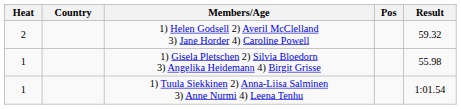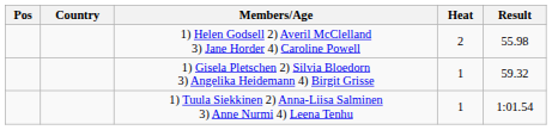 <table class="wikitable"  style="text-align:center; width:80%;">
 <tr>
-<th>Heat</th>
+<th>Pos</th>
 <th>Country</th>
 <th>Members/Age</th>
-<th>Pos</th>
+<th>Heat</th>
 <th>Result</th>
 </tr>
 <tr>
-<td>2</td>
+<td align=center></td>
 <td align=left></td>
 <td>1) <a href='#'>Helen Godsell</a> 2) <a href='#'>Averil McClelland</a><br>3) <a href='#'>Jane Horder</a> 4) <a href='#'>Caroline Powell</a></td>
+<td>2</td>
+<td>55.98</td>
+</tr>
+<tr>
 <td align=center></td>
+<td align=left></td>
+<td>1) <a href='#'>Gisela Pletschen</a> 2) <a href='#'>Silvia Bloedorn</a><br>3) <a href='#'>Angelika Heidemann</a> 4) <a href='#'>Birgit Grisse</a></td>
+<td>1</td>
 <td>59.32</td>
 </tr>
 <tr>
-<td>1</td>
-<td align=left></td>
-<td>1) <a href='#'>Gisela Pletschen</a> 2) <a href='#'>Silvia Bloedorn</a><br>3) <a href='#'>Angelika Heidemann</a> 4) <a href='#'>Birgit Grisse</a></td>
 <td align=center></td>
-<td>55.98</td>
-</tr>
-<tr>
-<td>1</td>
 <td align=left></td>
 <td>1) <a href='#'>Tuula Siekkinen</a> 2) <a href='#'>Anna-Liisa Salminen</a><br>3) <a href='#'>Anne Nurmi</a> 4) <a href='#'>Leena Tenhu</a></td>
-<td align=center></td>
+<td>1</td>
 <td>1:01.54</td>
 </tr>
 </table>
